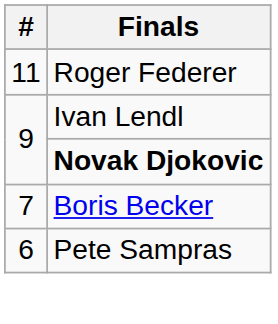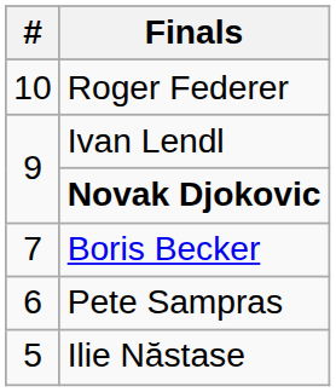 <table class="wikitable" style="display:inline-table;">
 <tr>
 <th>#</th>
 <th>Finals</th>
 </tr>
 <tr>
-<td style="text-align: center;">11</td>
+<td style="text-align: center;">10</td>
 <td> Roger Federer</td>
 </tr>
 <tr>
 <td rowspan="2" style="text-align: center;">9</td>
 <td> Ivan Lendl</td>
 </tr>
 <tr>
 <td> <strong>Novak Djokovic</strong></td>
 </tr>
 <tr>
 <td style="text-align: center;">7</td>
 <td> <a href='#'>Boris Becker</a></td>
 </tr>
 <tr>
 <td style="text-align: center;">6</td>
 <td> Pete Sampras</td>
 </tr>
+<tr>
+<td style="text-align: center;">5</td>
+<td> Ilie Năstase</td>
+</tr>
 </table>
